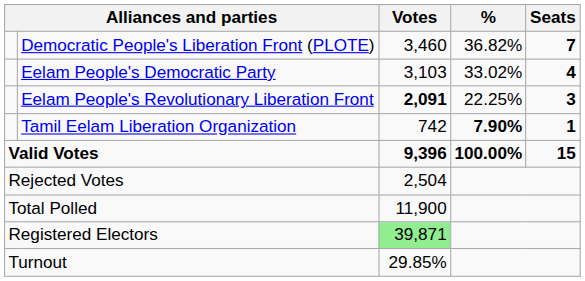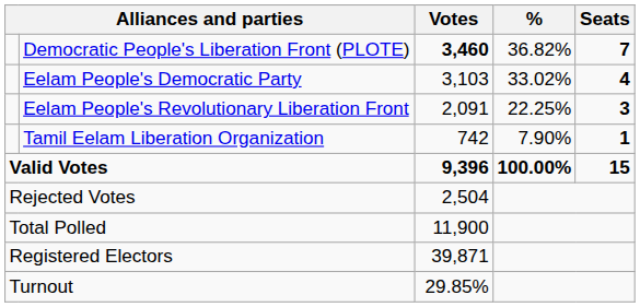 <table class="wikitable" border="1" style="text-align:right;">
 <tr>
 <th valign=bottom align=left colspan=2>Alliances and parties</th>
 <th valign=bottom align=center width="60">Votes</th>
 <th valign=bottom align=center width="50">%</th>
 <th valign=bottom align=center>Seats</th>
 </tr>
 <tr>
 <td bgcolor=> </td>
 <td align=left><a href='#'>Democratic People's Liberation Front</a> (<a href='#'>PLOTE</a>)</td>
-<td>3,460</td>
+<td><strong>3,460</strong></td>
 <td>36.82%</td>
 <td><strong>7</strong></td>
 </tr>
 <tr>
 <td bgcolor=> </td>
 <td align=left><a href='#'>Eelam People's Democratic Party</a></td>
 <td>3,103</td>
 <td>33.02%</td>
 <td><strong>4</strong></td>
 </tr>
 <tr>
 <td bgcolor=> </td>
 <td align=left><a href='#'>Eelam People's Revolutionary Liberation Front</a></td>
-<td><strong>2,091</strong></td>
+<td>2,091</td>
 <td>22.25%</td>
 <td><strong>3</strong></td>
 </tr>
 <tr>
 <td bgcolor=> </td>
 <td align=left><a href='#'>Tamil Eelam Liberation Organization</a></td>
 <td>742</td>
-<td><strong>7.90%</strong></td>
+<td>7.90%</td>
 <td><strong>1</strong></td>
 </tr>
 <tr>
 <td colspan=2 align=left><strong>Valid Votes</strong></td>
 <td><strong>9,396</strong></td>
 <td><strong>100.00%</strong></td>
 <td><strong>15</strong></td>
 </tr>
 <tr>
 <td colspan=2 align=left>Rejected Votes</td>
 <td>2,504</td>
 <td colspan=2></td>
 </tr>
 <tr>
 <td colspan=2 align=left>Total Polled</td>
 <td>11,900</td>
 <td colspan=2></td>
 </tr>
 <tr>
 <td colspan=2 align=left>Registered Electors</td>
-<td style="background: lightgreen;">39,871</td>
+<td>39,871</td>
 <td colspan=2></td>
 </tr>
 <tr>
 <td colspan=2 align=left>Turnout</td>
 <td>29.85%</td>
 <td colspan=2></td>
 </tr>
 </table>
